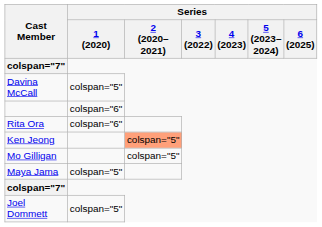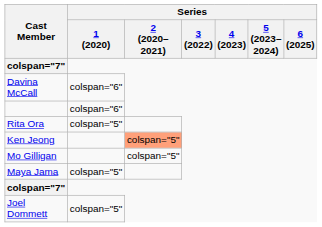 <table class="wikitable mw-collapsible mw-collapsed" style="margin-left: auto; margin-right: auto; border: none; width:30%;">
 <tr>
 <th rowspan="2">Cast Member</th>
 <th colspan="6">Series</th>
 </tr>
 <tr>
 <th><a href='#'>1</a><br>(2020)</th>
 <th><a href='#'>2</a><br>(2020–2021)</th>
 <th><a href='#'>3</a><br>(2022)</th>
 <th><a href='#'>4</a><br>(2023)</th>
 <th><a href='#'>5</a><br>(2023–2024)</th>
 <th><a href='#'>6</a><br>(2025)</th>
 </tr>
 <tr>
 <th>colspan="7" </th>
 </tr>
 <tr>
 <td><a href='#'>Davina McCall</a></td>
-<td>colspan="5" </td>
+<td>colspan="6" </td>
 </tr>
 <tr>
 <td></td>
 <td>colspan="6" </td>
 </tr>
 <tr>
 <td><a href='#'>Rita Ora</a></td>
-<td>colspan="6" </td>
+<td>colspan="5" </td>
 <td></td>
 </tr>
 <tr>
 <td><a href='#'>Ken Jeong</a></td>
 <td></td>
 <td style="background: lightsalmon;">colspan="5" </td>
 </tr>
 <tr>
 <td><a href='#'>Mo Gilligan</a></td>
 <td></td>
 <td>colspan="5" </td>
 </tr>
 <tr>
 <td><a href='#'>Maya Jama</a></td>
 <td>colspan="5" </td>
 <td></td>
 </tr>
 <tr>
 <th>colspan="7" </th>
 </tr>
 <tr>
 <td><a href='#'>Joel Dommett</a></td>
 <td>colspan="5" </td>
 </tr>
 </table>
